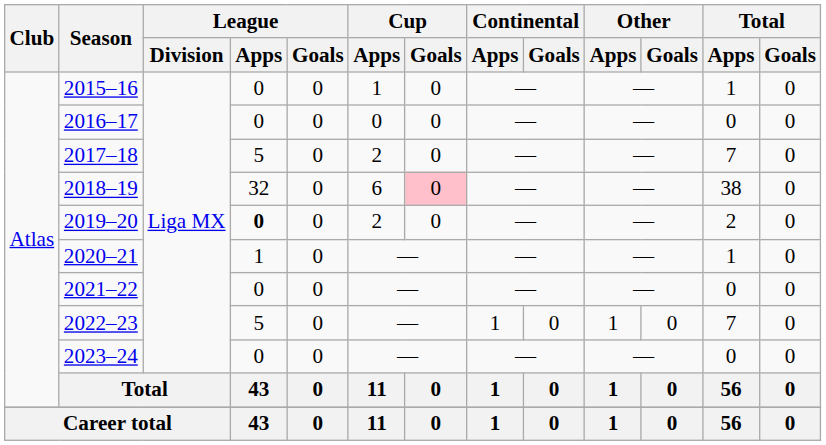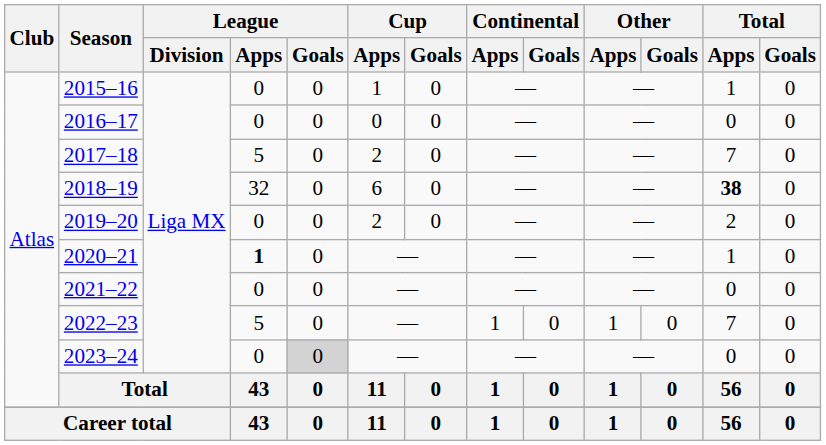 <table class="wikitable" style="text-align:center">
 <tr>
 <th rowspan="2">Club</th>
 <th rowspan="2">Season</th>
 <th colspan="3">League</th>
 <th colspan="2">Cup</th>
 <th colspan="2">Continental</th>
 <th colspan="2">Other</th>
 <th colspan="2">Total</th>
 </tr>
 <tr>
 <th>Division</th>
 <th>Apps</th>
 <th>Goals</th>
 <th>Apps</th>
 <th>Goals</th>
 <th>Apps</th>
 <th>Goals</th>
 <th>Apps</th>
 <th>Goals</th>
 <th>Apps</th>
 <th>Goals</th>
 </tr>
 <tr>
 <td rowspan="10"><a href='#'>Atlas</a></td>
 <td><a href='#'>2015–16</a></td>
 <td rowspan="9"><a href='#'>Liga MX</a></td>
 <td>0</td>
 <td>0</td>
 <td>1</td>
 <td>0</td>
 <td colspan=2>—</td>
 <td colspan=2>—</td>
 <td>1</td>
 <td>0</td>
 </tr>
 <tr>
 <td><a href='#'>2016–17</a></td>
 <td>0</td>
 <td>0</td>
 <td>0</td>
 <td>0</td>
 <td colspan=2>—</td>
 <td colspan=2>—</td>
 <td>0</td>
 <td>0</td>
 </tr>
 <tr>
 <td><a href='#'>2017–18</a></td>
 <td>5</td>
 <td>0</td>
 <td>2</td>
 <td>0</td>
 <td colspan=2>—</td>
 <td colspan=2>—</td>
 <td>7</td>
 <td>0</td>
 </tr>
 <tr>
 <td><a href='#'>2018–19</a></td>
 <td>32</td>
 <td>0</td>
 <td>6</td>
-<td style="background: pink;">0</td>
+<td>0</td>
 <td colspan=2>—</td>
 <td colspan=2>—</td>
-<td>38</td>
+<td><strong>38</strong></td>
 <td>0</td>
 </tr>
 <tr>
 <td><a href='#'>2019–20</a></td>
-<td><strong>0</strong></td>
+<td>0</td>
 <td>0</td>
 <td>2</td>
 <td>0</td>
 <td colspan=2>—</td>
 <td colspan=2>—</td>
 <td>2</td>
 <td>0</td>
 </tr>
 <tr>
 <td><a href='#'>2020–21</a></td>
-<td>1</td>
+<td><strong>1</strong></td>
 <td>0</td>
 <td colspan=2>—</td>
 <td colspan=2>—</td>
 <td colspan=2>—</td>
 <td>1</td>
 <td>0</td>
 </tr>
 <tr>
 <td><a href='#'>2021–22</a></td>
 <td>0</td>
 <td>0</td>
 <td colspan=2>—</td>
 <td colspan=2>—</td>
 <td colspan=2>—</td>
 <td>0</td>
 <td>0</td>
 </tr>
 <tr>
 <td><a href='#'>2022–23</a></td>
 <td>5</td>
 <td>0</td>
 <td colspan=2>—</td>
 <td>1</td>
 <td>0</td>
 <td>1</td>
 <td>0</td>
 <td>7</td>
 <td>0</td>
 </tr>
 <tr>
 <td><a href='#'>2023–24</a></td>
 <td>0</td>
-<td>0</td>
+<td style="background: lightgrey;">0</td>
 <td colspan=2>—</td>
 <td colspan=2>—</td>
 <td colspan=2>—</td>
 <td>0</td>
 <td>0</td>
 </tr>
 <tr>
 <th colspan="2">Total</th>
 <th>43</th>
 <th>0</th>
 <th>11</th>
 <th>0</th>
 <th>1</th>
 <th>0</th>
 <th>1</th>
 <th>0</th>
 <th>56</th>
 <th>0</th>
 </tr>
 <tr>
 </tr>
 <tr>
 <th colspan="3">Career total</th>
 <th>43</th>
 <th>0</th>
 <th>11</th>
 <th>0</th>
 <th>1</th>
 <th>0</th>
 <th>1</th>
 <th>0</th>
 <th>56</th>
 <th>0</th>
 </tr>
 </table>
